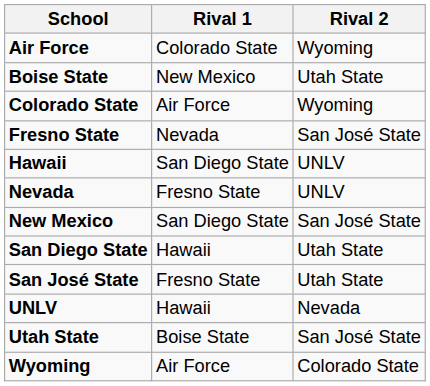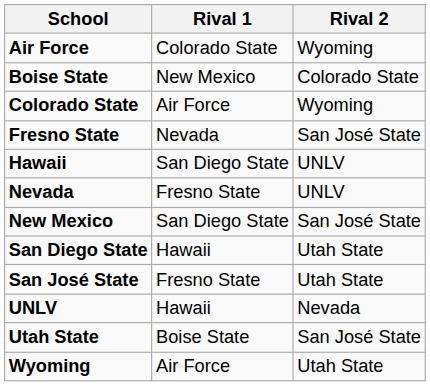 <table class="wikitable">
 <tr>
 <th scope="col">School</th>
 <th scope="col">Rival 1</th>
 <th scope="col">Rival 2</th>
 </tr>
 <tr>
 <td><strong>Air Force</strong></td>
 <td>Colorado State</td>
 <td>Wyoming</td>
 </tr>
 <tr>
 <td><strong>Boise State</strong></td>
 <td>New Mexico</td>
-<td>Utah State</td>
+<td>Colorado State</td>
 </tr>
 <tr>
 <td><strong>Colorado State</strong></td>
 <td>Air Force</td>
 <td>Wyoming</td>
 </tr>
 <tr>
 <td><strong>Fresno State</strong></td>
 <td>Nevada</td>
 <td>San José State</td>
 </tr>
 <tr>
 <td><strong>Hawaii</strong></td>
 <td>San Diego State</td>
 <td>UNLV</td>
 </tr>
 <tr>
 <td><strong>Nevada</strong></td>
 <td>Fresno State</td>
 <td>UNLV</td>
 </tr>
 <tr>
 <td><strong>New Mexico</strong></td>
 <td>San Diego State</td>
 <td>San José State</td>
 </tr>
 <tr>
 <td><strong>San Diego State</strong></td>
 <td>Hawaii</td>
 <td>Utah State</td>
 </tr>
 <tr>
 <td><strong>San José State</strong></td>
 <td>Fresno State</td>
 <td>Utah State</td>
 </tr>
 <tr>
 <td><strong>UNLV</strong></td>
 <td>Hawaii</td>
 <td>Nevada</td>
 </tr>
 <tr>
 <td><strong>Utah State</strong></td>
 <td>Boise State</td>
 <td>San José State</td>
 </tr>
 <tr>
 <td><strong>Wyoming</strong></td>
 <td>Air Force</td>
-<td>Colorado State</td>
+<td>Utah State</td>
 </tr>
 </table>
